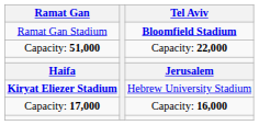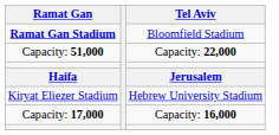 <table class="wikitable" style="text-align:center">
 <tr>
 <th><a href='#'>Ramat Gan</a></th>
 <th rowspan="8"></th>
 <th><a href='#'>Tel Aviv</a></th>
 </tr>
 <tr>
-<td><a href='#'>Ramat Gan Stadium</a></td>
-<td><strong><a href='#'>Bloomfield Stadium</a></strong></td>
+<td><strong><a href='#'>Ramat Gan Stadium</a></strong></td>
+<td><a href='#'>Bloomfield Stadium</a></td>
 </tr>
 <tr>
 <td>Capacity: <strong>51,000</strong></td>
 <td>Capacity: <strong>22,000</strong></td>
 </tr>
 <tr>
 <td></td>
 <td></td>
 </tr>
 <tr>
 <th><a href='#'>Haifa</a></th>
 <th><a href='#'>Jerusalem</a></th>
 </tr>
 <tr>
-<td><strong><a href='#'>Kiryat Eliezer Stadium</a></strong></td>
+<td><a href='#'>Kiryat Eliezer Stadium</a></td>
 <td><a href='#'>Hebrew University Stadium</a></td>
 </tr>
 <tr>
 <td>Capacity: <strong>17,000</strong></td>
 <td>Capacity: <strong>16,000</strong></td>
 </tr>
 <tr>
 <td></td>
 <td></td>
 </tr>
 </table>
